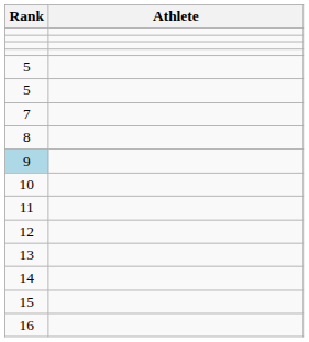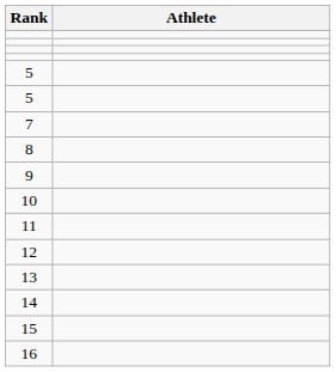 <table class="wikitable" style="text-align: center;">
 <tr>
 <th width=40>Rank</th>
 <th width=268>Athlete</th>
 </tr>
 <tr>
 <td></td>
 <td align="left"></td>
 </tr>
 <tr>
 <td></td>
 <td align="left"></td>
 </tr>
 <tr>
 <td></td>
 <td align="left"></td>
 </tr>
 <tr>
 <td></td>
 <td align="left"></td>
 </tr>
 <tr>
 <td>5</td>
 <td align="left"></td>
 </tr>
 <tr>
 <td>5</td>
 <td align="left"></td>
 </tr>
 <tr>
 <td>7</td>
 <td align="left"></td>
 </tr>
 <tr>
 <td>8</td>
 <td align="left"></td>
 </tr>
 <tr>
-<td style="background: lightblue;">9</td>
+<td>9</td>
 <td align="left"></td>
 </tr>
 <tr>
 <td>10</td>
 <td align="left"></td>
 </tr>
 <tr>
 <td>11</td>
 <td align="left"></td>
 </tr>
 <tr>
 <td>12</td>
 <td align="left"></td>
 </tr>
 <tr>
 <td>13</td>
 <td align="left"></td>
 </tr>
 <tr>
 <td>14</td>
 <td align="left"></td>
 </tr>
 <tr>
 <td>15</td>
 <td align="left"></td>
 </tr>
 <tr>
 <td>16</td>
 <td align="left"></td>
 </tr>
 </table>
